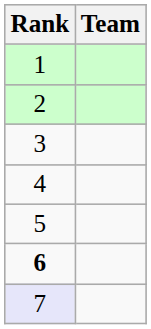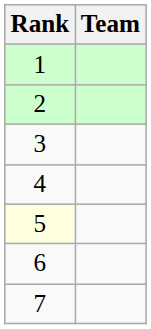 <table class=wikitable style="text-align: center;">
 <tr>
 <th>Rank</th>
 <th>Team</th>
 </tr>
 <tr style="background: #CCFFCC;">
 <td>1</td>
 <td style="text-align: left;"><strong></strong></td>
 </tr>
 <tr style="background: #CCFFCC;">
 <td>2</td>
 <td style="text-align: left;"><strong></strong></td>
 </tr>
 <tr>
 <td>3</td>
 <td style="text-align: left;"></td>
 </tr>
 <tr>
 <td>4</td>
 <td style="text-align: left;"></td>
 </tr>
 <tr>
-<td>5</td>
+<td style="background: lightyellow;">5</td>
 <td style="text-align: left;"></td>
 </tr>
 <tr>
-<td><strong>6</strong></td>
+<td>6</td>
 <td style="text-align: left;"></td>
 </tr>
 <tr>
-<td style="background: lavender;">7</td>
+<td>7</td>
 <td style="text-align: left;"></td>
 </tr>
 </table>
